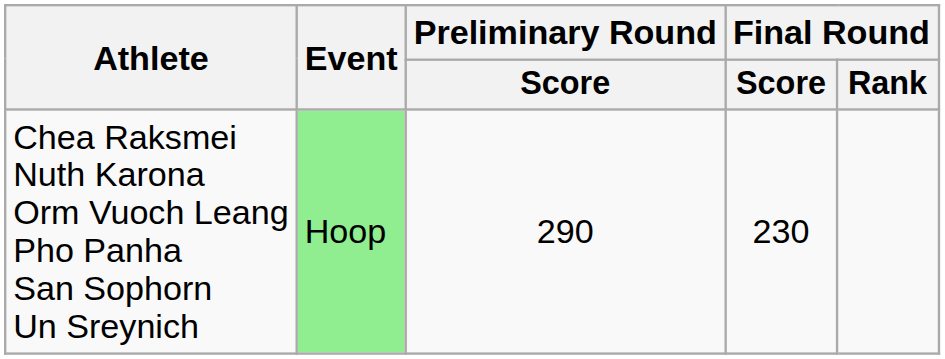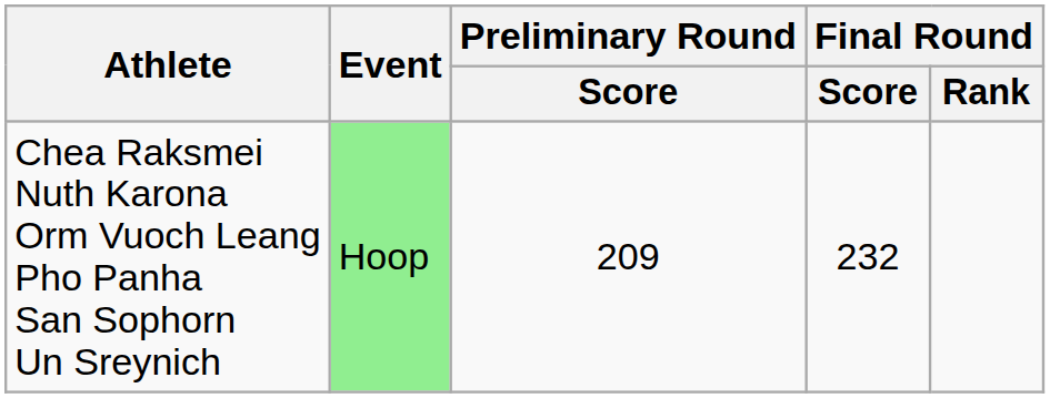 <table class="wikitable" style="font-size:90%">
 <tr>
 <th rowspan=2>Athlete</th>
 <th rowspan=2>Event</th>
 <th>Preliminary Round</th>
 <th colspan=2>Final Round</th>
 </tr>
 <tr style="font-size:95%">
 <th>Score</th>
 <th>Score</th>
 <th>Rank</th>
 </tr>
 <tr align=center>
 <td align=left>Chea Raksmei<br>Nuth Karona <br>Orm Vuoch Leang<br>Pho Panha <br>San Sophorn<br> Un Sreynich</td>
 <td align=left style="background: lightgreen;">Hoop</td>
-<td>290</td>
-<td>230</td>
+<td>209</td>
+<td>232</td>
 <td></td>
 </tr>
 </table>
